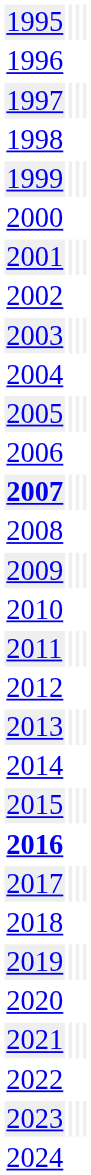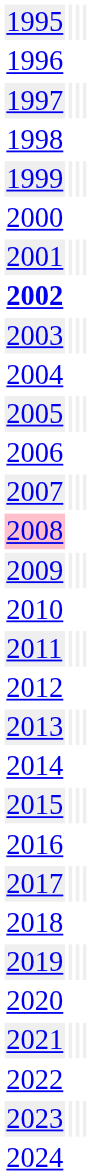 <table>
 <tr bgcolor="#EFEFEF">
 <td><a href='#'>1995</a></td>
 <td></td>
 <td></td>
 <td></td>
 </tr>
 <tr>
 <td><a href='#'>1996</a></td>
 <td></td>
 <td></td>
 <td></td>
 </tr>
 <tr bgcolor="#EFEFEF">
 <td><a href='#'>1997</a></td>
 <td></td>
 <td></td>
 <td></td>
 </tr>
 <tr>
 <td><a href='#'>1998</a></td>
 <td></td>
 <td></td>
 <td></td>
 </tr>
 <tr bgcolor="#EFEFEF">
 <td><a href='#'>1999</a></td>
 <td></td>
 <td></td>
 <td></td>
 </tr>
 <tr>
 <td><a href='#'>2000</a></td>
 <td></td>
 <td></td>
 <td></td>
 </tr>
 <tr bgcolor="#EFEFEF">
 <td><a href='#'>2001</a></td>
 <td></td>
 <td></td>
 <td></td>
 </tr>
 <tr>
-<td><a href='#'>2002</a></td>
+<td><strong><a href='#'>2002</a></strong></td>
 <td></td>
 <td></td>
 <td></td>
 </tr>
 <tr bgcolor="#EFEFEF">
 <td><a href='#'>2003</a></td>
 <td></td>
 <td></td>
 <td></td>
 </tr>
 <tr>
 <td><a href='#'>2004</a></td>
 <td></td>
 <td></td>
 <td></td>
 </tr>
 <tr bgcolor="#EFEFEF">
 <td><a href='#'>2005</a></td>
 <td></td>
 <td></td>
 <td></td>
 </tr>
 <tr>
 <td><a href='#'>2006</a><br></td>
 <td></td>
 <td></td>
 <td></td>
 </tr>
 <tr bgcolor="#EFEFEF">
-<td><strong><a href='#'>2007</a><br></strong></td>
+<td><a href='#'>2007</a><br></td>
 <td></td>
 <td></td>
 <td></td>
 </tr>
 <tr>
-<td><a href='#'>2008</a><br></td>
+<td style="background: pink;"><a href='#'>2008</a><br></td>
 <td></td>
 <td></td>
 <td></td>
 </tr>
 <tr bgcolor="#EFEFEF">
 <td><a href='#'>2009</a><br></td>
 <td></td>
 <td></td>
 <td></td>
 </tr>
 <tr>
 <td><a href='#'>2010</a></td>
 <td></td>
 <td></td>
 <td></td>
 </tr>
 <tr bgcolor="#EFEFEF">
 <td><a href='#'>2011</a></td>
 <td></td>
 <td></td>
 <td></td>
 </tr>
 <tr>
 <td><a href='#'>2012</a></td>
 <td></td>
 <td></td>
 <td></td>
 </tr>
 <tr bgcolor="#EFEFEF">
 <td><a href='#'>2013</a></td>
 <td></td>
 <td></td>
 <td></td>
 </tr>
 <tr>
 <td><a href='#'>2014</a><br></td>
 <td></td>
 <td></td>
 <td></td>
 </tr>
 <tr bgcolor="#EFEFEF">
 <td><a href='#'>2015</a><br></td>
 <td></td>
 <td></td>
 <td></td>
 </tr>
 <tr>
-<td><strong><a href='#'>2016</a></strong></td>
+<td><a href='#'>2016</a></td>
 <td></td>
 <td></td>
 <td></td>
 </tr>
 <tr bgcolor="#EFEFEF">
 <td><a href='#'>2017</a></td>
 <td></td>
 <td></td>
 <td></td>
 </tr>
 <tr>
 <td><a href='#'>2018</a></td>
 <td></td>
 <td></td>
 <td></td>
 </tr>
 <tr bgcolor="#EFEFEF">
 <td><a href='#'>2019</a></td>
 <td></td>
 <td></td>
 <td></td>
 </tr>
 <tr>
 <td><a href='#'>2020</a></td>
 <td></td>
 <td></td>
 <td></td>
 </tr>
 <tr bgcolor="#EFEFEF">
 <td><a href='#'>2021</a></td>
 <td></td>
 <td></td>
 <td></td>
 </tr>
 <tr>
 <td><a href='#'>2022</a></td>
 <td></td>
 <td></td>
 <td></td>
 </tr>
 <tr bgcolor="#EFEFEF">
 <td><a href='#'>2023</a></td>
 <td></td>
 <td></td>
 <td></td>
 </tr>
 <tr>
 <td><a href='#'>2024</a></td>
 <td></td>
 <td></td>
 <td></td>
 </tr>
 </table>
